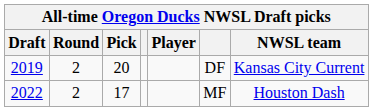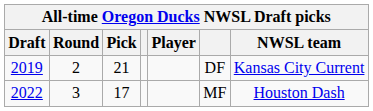 <table class="wikitable sortable" style="text-align: center;">
 <tr>
 <th colspan="7" style="background:#">All-time <a href='#'><span>Oregon Ducks</span></a> NWSL Draft picks</th>
 </tr>
 <tr>
 <th scope="col">Draft</th>
 <th scope="col">Round</th>
 <th scope="col">Pick</th>
 <th scope="col"></th>
 <th scope="col">Player</th>
 <th scope="col"></th>
 <th scope="col">NWSL team</th>
 </tr>
 <tr>
 <td><a href='#'>2019</a></td>
 <td>2</td>
-<td>20</td>
+<td>21</td>
 <td></td>
 <td></td>
 <td>DF</td>
 <td><a href='#'>Kansas City Current</a></td>
 </tr>
 <tr>
 <td><a href='#'>2022</a></td>
-<td>2</td>
+<td>3</td>
 <td>17</td>
 <td></td>
 <td></td>
 <td>MF</td>
 <td><a href='#'>Houston Dash</a></td>
 </tr>
 </table>
